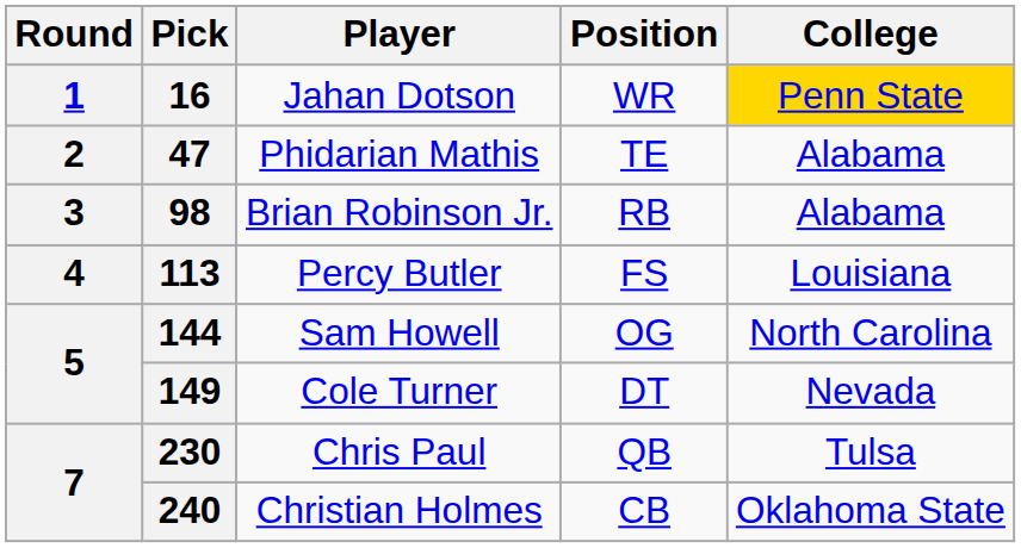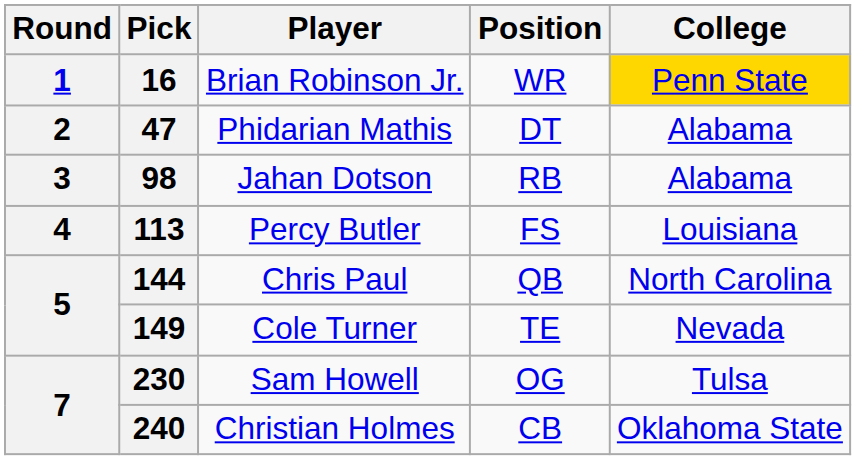 <table class="wikitable" style="text-align:center">
 <tr>
 <th>Round</th>
 <th>Pick</th>
 <th>Player</th>
 <th>Position</th>
 <th>College</th>
 </tr>
 <tr>
 <th><a href='#'>1</a></th>
 <th>16</th>
-<td><a href='#'>Jahan Dotson</a></td>
+<td><a href='#'>Brian Robinson Jr.</a></td>
 <td><a href='#'>WR</a></td>
 <td style="background: gold;"><a href='#'>Penn State</a></td>
 </tr>
 <tr>
 <th>2</th>
 <th>47</th>
 <td><a href='#'>Phidarian Mathis</a></td>
-<td><a href='#'>TE</a></td>
+<td><a href='#'>DT</a></td>
 <td><a href='#'>Alabama</a></td>
 </tr>
 <tr>
 <th>3</th>
 <th>98</th>
-<td><a href='#'>Brian Robinson Jr.</a></td>
+<td><a href='#'>Jahan Dotson</a></td>
 <td><a href='#'>RB</a></td>
 <td><a href='#'>Alabama</a></td>
 </tr>
 <tr>
 <th>4</th>
 <th>113</th>
 <td><a href='#'>Percy Butler</a></td>
 <td><a href='#'>FS</a></td>
 <td><a href='#'>Louisiana</a></td>
 </tr>
 <tr>
 <th rowspan="2">5</th>
 <th>144</th>
-<td><a href='#'>Sam Howell</a></td>
-<td><a href='#'>OG</a></td>
+<td><a href='#'>Chris Paul</a></td>
+<td><a href='#'>QB</a></td>
 <td><a href='#'>North Carolina</a></td>
 </tr>
 <tr>
 <th>149</th>
 <td><a href='#'>Cole Turner</a></td>
-<td><a href='#'>DT</a></td>
+<td><a href='#'>TE</a></td>
 <td><a href='#'>Nevada</a></td>
 </tr>
 <tr>
 <th rowspan="2">7</th>
 <th>230</th>
-<td><a href='#'>Chris Paul</a></td>
-<td><a href='#'>QB</a></td>
+<td><a href='#'>Sam Howell</a></td>
+<td><a href='#'>OG</a></td>
 <td><a href='#'>Tulsa</a></td>
 </tr>
 <tr>
 <th>240</th>
 <td><a href='#'>Christian Holmes</a></td>
 <td><a href='#'>CB</a></td>
 <td><a href='#'>Oklahoma State</a></td>
 </tr>
 </table>
